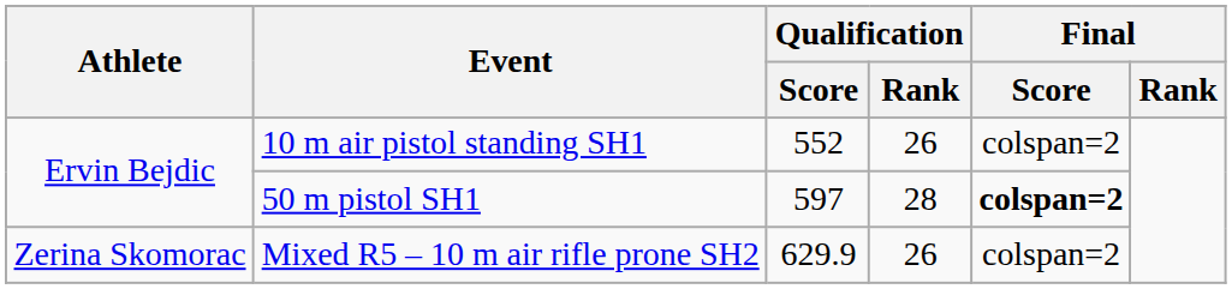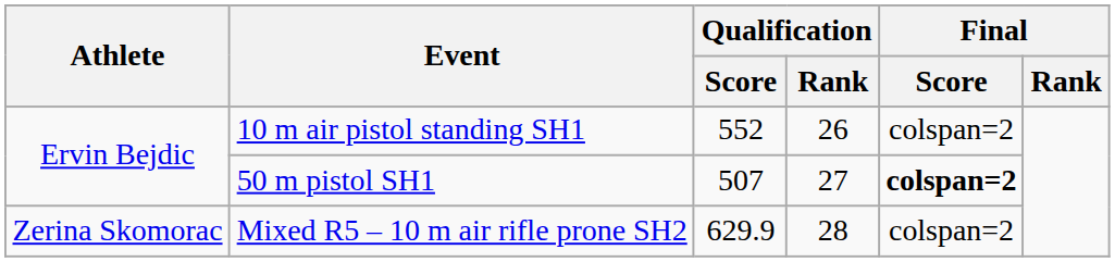 <table class=wikitable style="font-size:90%">
 <tr>
 <th rowspan="2">Athlete</th>
 <th rowspan="2">Event</th>
 <th colspan="2">Qualification</th>
 <th colspan="2">Final</th>
 </tr>
 <tr>
 <th>Score</th>
 <th>Rank</th>
 <th>Score</th>
 <th>Rank</th>
 </tr>
 <tr align=center>
 <td rowspan="2"><a href='#'>Ervin Bejdic</a></td>
 <td align=left><a href='#'>10 m air pistol standing SH1</a></td>
 <td>552</td>
 <td>26</td>
 <td>colspan=2 </td>
 </tr>
 <tr align=center>
 <td align=left><a href='#'>50 m pistol SH1</a></td>
-<td>597</td>
-<td>28</td>
+<td>507</td>
+<td>27</td>
 <td><strong>colspan=2 </strong></td>
 </tr>
 <tr align=center>
 <td align=left><a href='#'>Zerina Skomorac</a></td>
 <td align=left><a href='#'>Mixed R5 – 10 m air rifle prone SH2</a></td>
 <td>629.9</td>
-<td>26</td>
+<td>28</td>
 <td>colspan=2 </td>
 </tr>
 </table>
